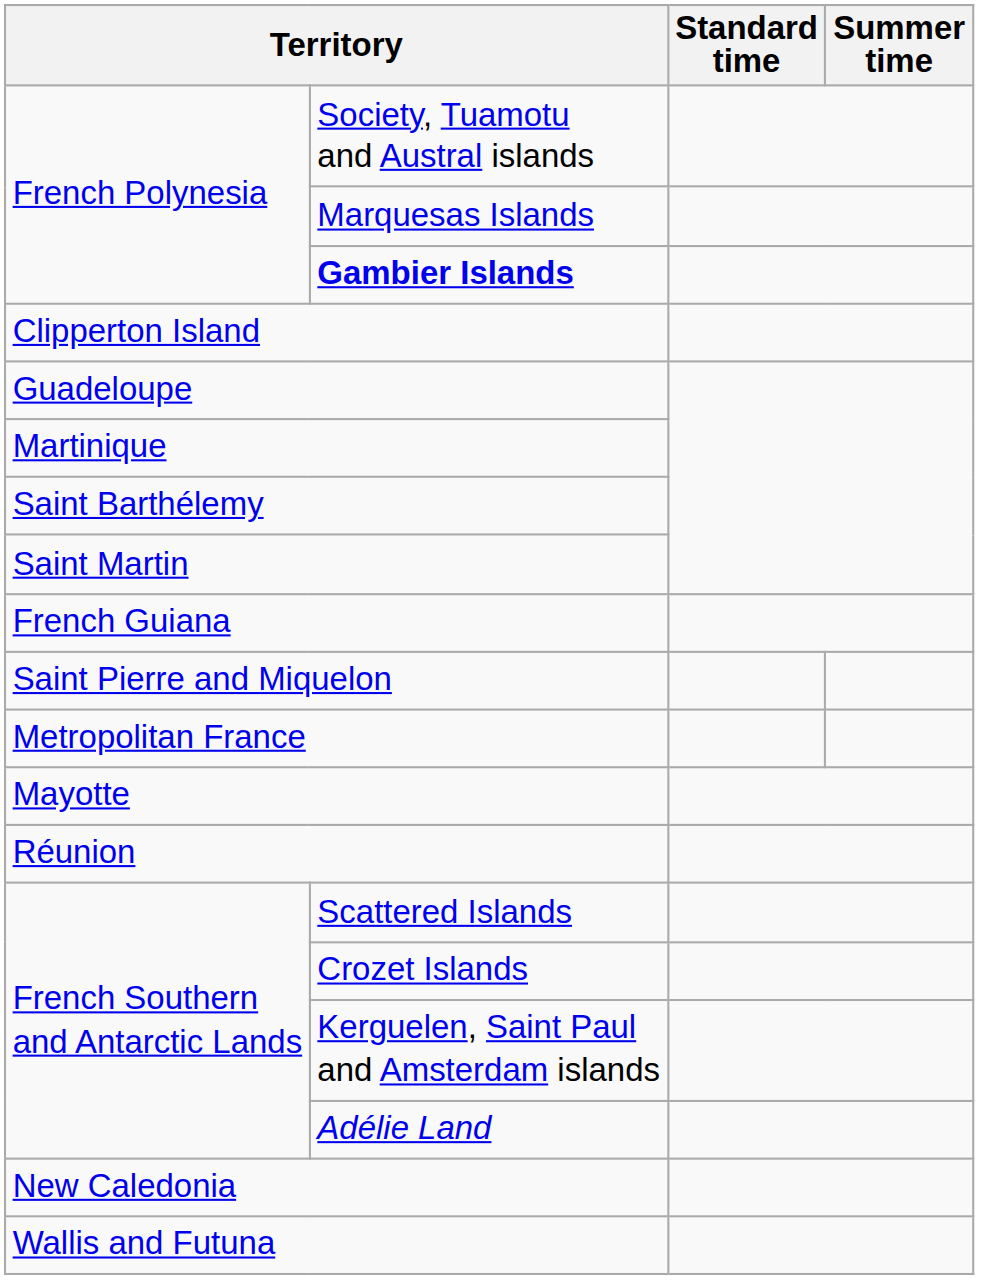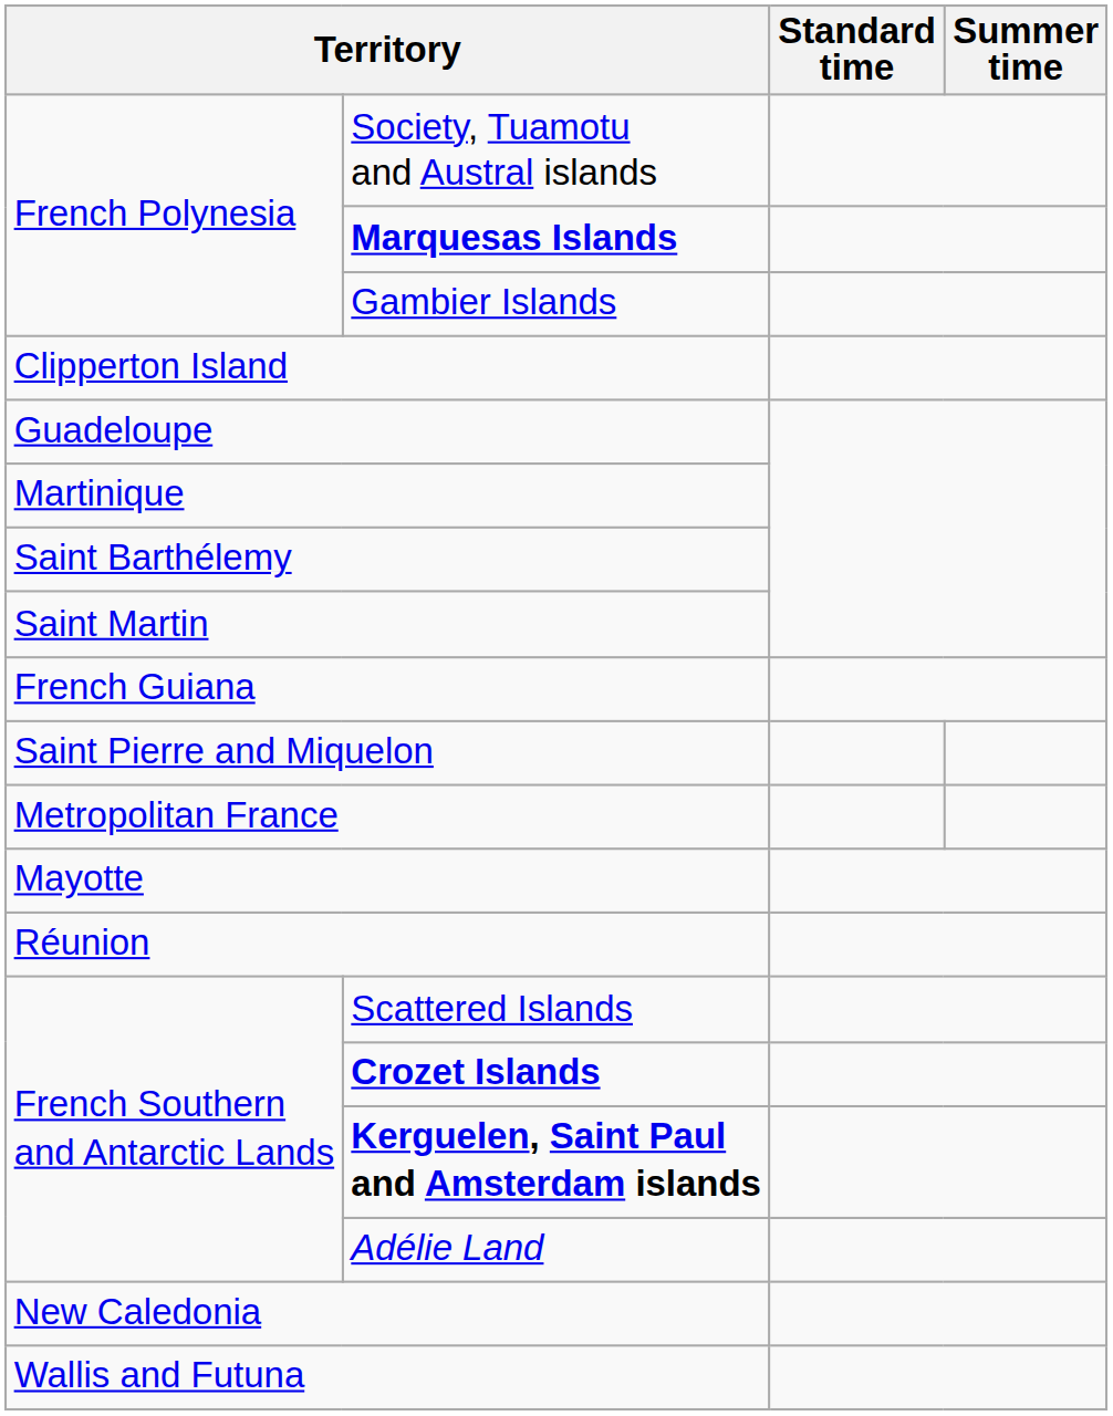 <table class="wikitable sortable" style=line-height:1.3>
 <tr style=line-height:1>
 <th colspan=2>Territory</th>
 <th>Standard<br>time</th>
 <th>Summer<br>time</th>
 </tr>
 <tr>
 <td rowspan=3><a href='#'>French Polynesia</a></td>
 <td><a href='#'>Society</a>, <a href='#'>Tuamotu</a><br>and <a href='#'>Austral</a> islands</td>
 <td colspan=2 data-sort-value=-10></td>
 </tr>
 <tr>
-<td><a href='#'>Marquesas Islands</a></td>
+<td><strong><a href='#'>Marquesas Islands</a></strong></td>
 <td colspan=2 data-sort-value=-9.5></td>
 </tr>
 <tr>
-<td><strong><a href='#'>Gambier Islands</a></strong></td>
+<td><a href='#'>Gambier Islands</a></td>
 <td colspan=2 data-sort-value=-9></td>
 </tr>
 <tr>
 <td colspan=2><a href='#'>Clipperton Island</a></td>
 <td colspan=2 data-sort-value=-8></td>
 </tr>
 <tr>
 <td colspan=2><a href='#'>Guadeloupe</a></td>
 <td colspan=2 rowspan=4 data-sort-value=-4></td>
 </tr>
 <tr>
 <td colspan=2><a href='#'>Martinique</a></td>
 </tr>
 <tr>
 <td colspan=2><a href='#'>Saint Barthélemy</a></td>
 </tr>
 <tr>
 <td colspan=2><a href='#'>Saint Martin</a></td>
 </tr>
 <tr>
 <td colspan=2><a href='#'>French Guiana</a></td>
 <td colspan=2 data-sort-value=-3></td>
 </tr>
 <tr>
 <td colspan=2><a href='#'>Saint Pierre and Miquelon</a></td>
 <td data-sort-value=-3></td>
 <td data-sort-value=-2></td>
 </tr>
 <tr>
 <td colspan=2><a href='#'>Metropolitan France</a></td>
 <td data-sort-value=1></td>
 <td data-sort-value=2></td>
 </tr>
 <tr>
 <td colspan=2><a href='#'>Mayotte</a></td>
 <td colspan=2 data-sort-value=3></td>
 </tr>
 <tr>
 <td colspan=2><a href='#'>Réunion</a></td>
 <td colspan=2 data-sort-value=4></td>
 </tr>
 <tr>
 <td rowspan=4><a href='#'>French Southern<br>and Antarctic Lands</a></td>
 <td><a href='#'>Scattered Islands</a></td>
 <td colspan=2 data-sort-value=3></td>
 </tr>
 <tr>
-<td><a href='#'>Crozet Islands</a></td>
+<td><strong><a href='#'>Crozet Islands</a></strong></td>
 <td colspan=2 data-sort-value=4></td>
 </tr>
 <tr>
-<td><a href='#'>Kerguelen</a>, <a href='#'>Saint Paul</a><br>and <a href='#'>Amsterdam</a> islands</td>
+<td><strong><a href='#'>Kerguelen</a>, <a href='#'>Saint Paul</a><br>and <a href='#'>Amsterdam</a> islands</strong></td>
 <td colspan=2 data-sort-value=5></td>
 </tr>
 <tr style=font-style:italic>
 <td><a href='#'>Adélie Land</a></td>
 <td colspan=2 data-sort-value=10></td>
 </tr>
 <tr>
 <td colspan=2><a href='#'>New Caledonia</a></td>
 <td colspan=2 data-sort-value=11></td>
 </tr>
 <tr>
 <td colspan=2><a href='#'>Wallis and Futuna</a></td>
 <td colspan=2 data-sort-value=12></td>
 </tr>
 </table>
